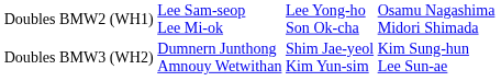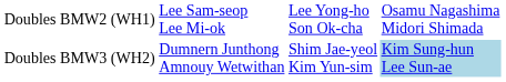 <table>
 <tr>
 <td>Doubles BMW2 (WH1)</td>
 <td> <a href='#'>Lee Sam-seop</a><br> <a href='#'>Lee Mi-ok</a></td>
 <td> <a href='#'>Lee Yong-ho</a><br> <a href='#'>Son Ok-cha</a></td>
 <td> <a href='#'>Osamu Nagashima</a><br> <a href='#'>Midori Shimada</a></td>
 </tr>
 <tr>
 <td>Doubles BMW3 (WH2)</td>
 <td> <a href='#'>Dumnern Junthong</a><br> <a href='#'>Amnouy Wetwithan</a></td>
 <td> <a href='#'>Shim Jae-yeol</a><br> <a href='#'>Kim Yun-sim</a></td>
-<td> <a href='#'>Kim Sung-hun</a><br> <a href='#'>Lee Sun-ae</a></td>
+<td style="background: lightblue;"> <a href='#'>Kim Sung-hun</a><br> <a href='#'>Lee Sun-ae</a></td>
 </tr>
 </table>
